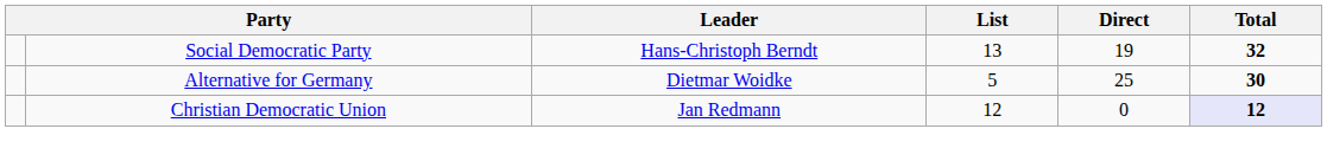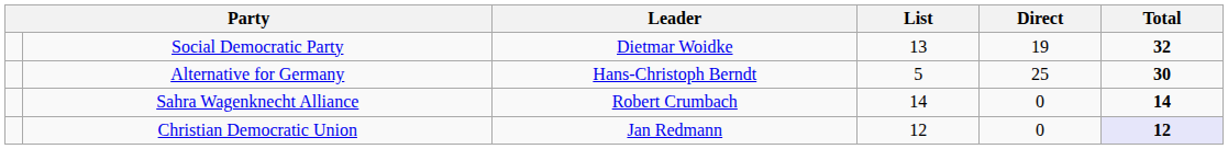 <table class="wikitable" style="text-align: center; width:70%">
 <tr>
 <th colspan="2"style="width:40%">Party</th>
 <th style="width:30%">Leader</th>
 <th style="width:10%">List</th>
 <th style="width:10%">Direct</th>
 <th style="width:10%">Total</th>
 </tr>
 <tr>
 <td style="background:"></td>
 <td><a href='#'>Social Democratic Party</a></td>
-<td><a href='#'>Hans-Christoph Berndt</a></td>
+<td><a href='#'>Dietmar Woidke</a></td>
 <td>13</td>
 <td>19</td>
 <td><strong>32</strong></td>
 </tr>
 <tr>
 <td style="background:"></td>
 <td><a href='#'>Alternative for Germany</a></td>
-<td><a href='#'>Dietmar Woidke</a></td>
+<td><a href='#'>Hans-Christoph Berndt</a></td>
 <td>5</td>
 <td>25</td>
 <td><strong>30</strong></td>
+</tr>
+<tr>
+<td style="background:"></td>
+<td><a href='#'>Sahra Wagenknecht Alliance</a></td>
+<td><a href='#'>Robert Crumbach</a></td>
+<td>14</td>
+<td>0</td>
+<td><strong>14</strong></td>
 </tr>
 <tr>
 <td style="background:"></td>
 <td><a href='#'>Christian Democratic Union</a></td>
 <td><a href='#'>Jan Redmann</a></td>
 <td>12</td>
 <td>0</td>
 <td style="background: lavender;"><strong>12</strong></td>
 </tr>
 </table>
